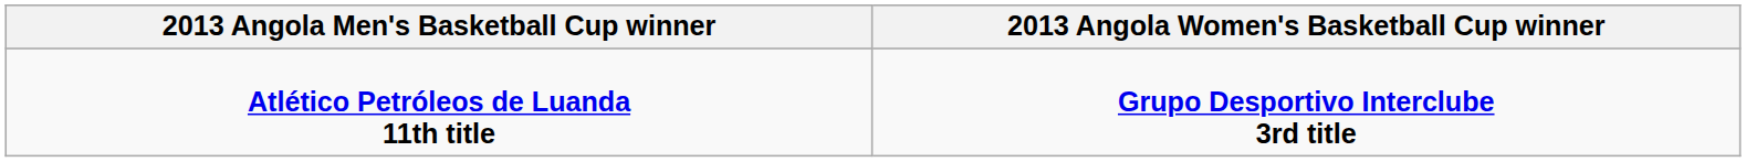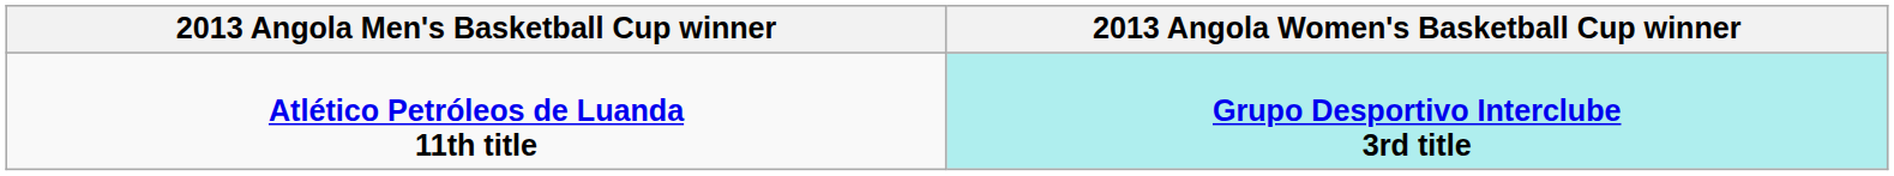 <table class=wikitable style="text-align:center; width: 1000px; margin:auto">
 <tr>
 <th width=600px>2013 Angola Men's Basketball Cup winner</th>
 <th width=600px>2013 Angola Women's Basketball Cup winner</th>
 </tr>
 <tr>
 <td><br><strong><a href='#'>Atlético Petróleos de Luanda</a></strong><br><strong>11th title</strong></td>
-<td><br><strong><a href='#'>Grupo Desportivo Interclube</a></strong><br><strong>3rd title</strong></td>
+<td style="background: paleturquoise;"><br><strong><a href='#'>Grupo Desportivo Interclube</a></strong><br><strong>3rd title</strong></td>
 </tr>
 </table>
